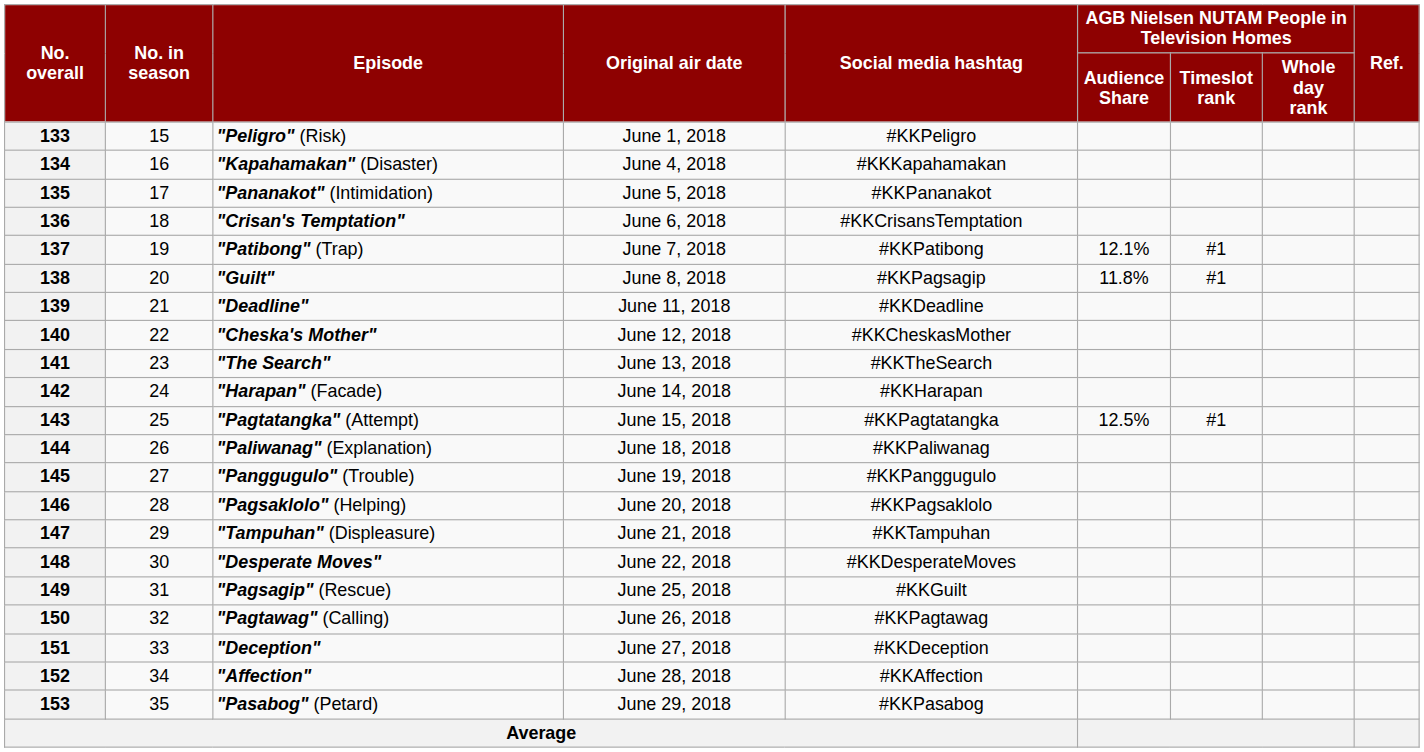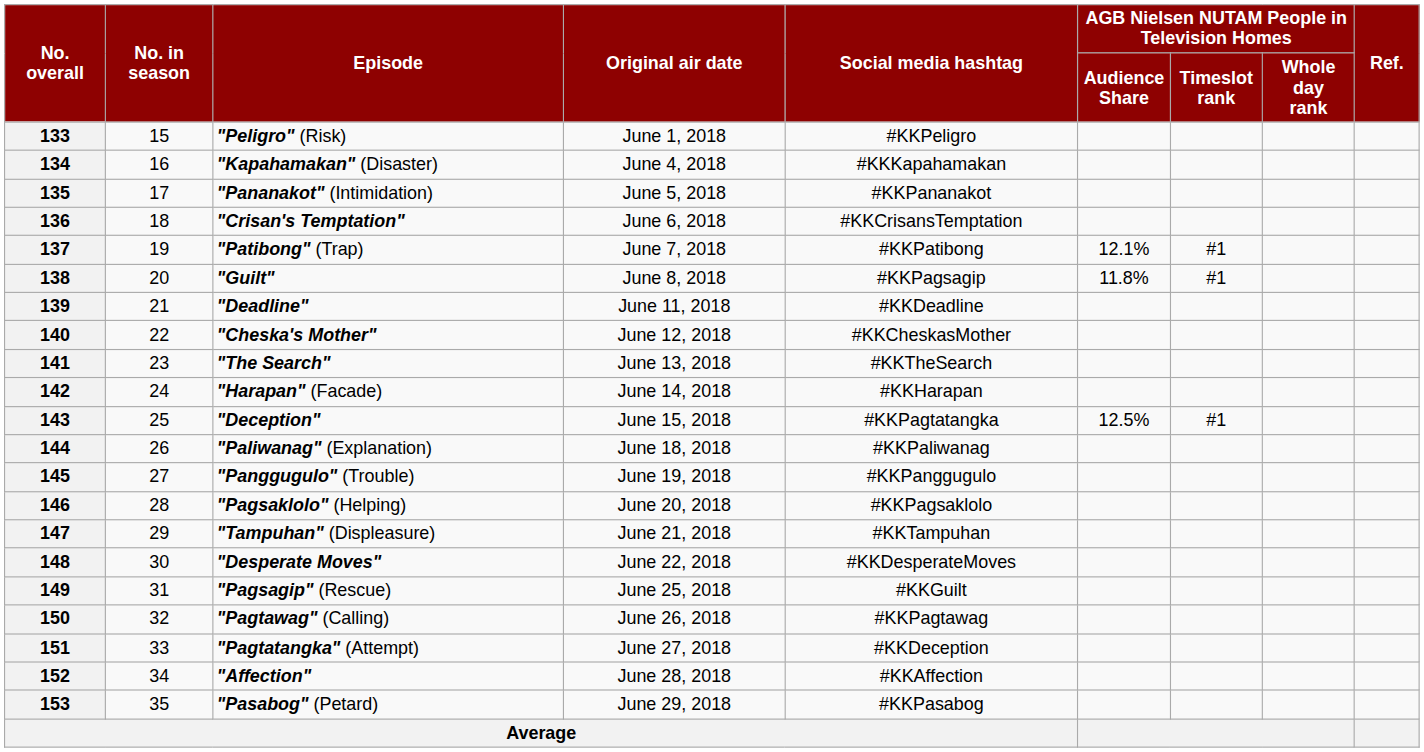 <table class="wikitable" style="text-align:center; font-size:100%; line-height:18px;" width="100%">
 <tr>
 <th style="background-color:#8e0101; color:#ffffff;" rowspan="2">No.<br>overall</th>
 <th style="background-color:#8e0101; color:#ffffff;" rowspan="2">No. in<br>season</th>
 <th style="background-color:#8e0101; color:#ffffff;" rowspan="2">Episode</th>
 <th style="background-color:#8e0101; color:white" rowspan="2">Original air date</th>
 <th style="background-color:#8e0101; color:white" rowspan="2">Social media hashtag</th>
 <th style="background-color:#8e0101; color:#ffffff;" colspan="3">AGB Nielsen NUTAM People in Television Homes</th>
 <th style="background-color:#8e0101; color:#ffffff;" rowspan="2">Ref.</th>
 </tr>
 <tr>
 <th style="background-color:#8e0101; width:75px; color:#ffffff;">Audience Share</th>
 <th style="background-color:#8e0101; width:75px; color:#ffffff;">Timeslot<br>rank</th>
 <th style="background-color:#8e0101; width:75px; color:#ffffff;">Whole day<br>rank</th>
 </tr>
 <tr>
 <th>133</th>
 <td>15</td>
 <td style="text-align: left;"><strong><em>"Peligro"</em></strong> (Risk)</td>
 <td>June 1, 2018</td>
 <td>#KKPeligro</td>
 <td></td>
 <td></td>
 <td></td>
 <td></td>
 </tr>
 <tr>
 <th>134</th>
 <td>16</td>
 <td style="text-align: left;"><strong><em>"Kapahamakan"</em></strong> (Disaster)</td>
 <td>June 4, 2018</td>
 <td>#KKKapahamakan</td>
 <td></td>
 <td></td>
 <td></td>
 <td></td>
 </tr>
 <tr>
 <th>135</th>
 <td>17</td>
 <td style="text-align: left;"><strong><em>"Pananakot"</em></strong> (Intimidation)</td>
 <td>June 5, 2018</td>
 <td>#KKPananakot</td>
 <td></td>
 <td></td>
 <td></td>
 <td></td>
 </tr>
 <tr>
 <th>136</th>
 <td>18</td>
 <td style="text-align: left;"><strong><em>"Crisan's Temptation"</em></strong></td>
 <td>June 6, 2018</td>
 <td>#KKCrisansTemptation</td>
 <td></td>
 <td></td>
 <td></td>
 <td></td>
 </tr>
 <tr>
 <th>137</th>
 <td>19</td>
 <td style="text-align: left;"><strong><em>"Patibong"</em></strong> (Trap)</td>
 <td>June 7, 2018</td>
 <td>#KKPatibong</td>
 <td>12.1%</td>
 <td>#1</td>
 <td></td>
 <td></td>
 </tr>
 <tr>
 <th>138</th>
 <td>20</td>
 <td style="text-align: left;"><strong><em>"Guilt"</em></strong></td>
 <td>June 8, 2018</td>
 <td>#KKPagsagip</td>
 <td>11.8%</td>
 <td>#1</td>
 <td></td>
 <td></td>
 </tr>
 <tr>
 <th>139</th>
 <td>21</td>
 <td style="text-align: left;"><strong><em>"Deadline"</em></strong></td>
 <td>June 11, 2018</td>
 <td>#KKDeadline</td>
 <td></td>
 <td></td>
 <td></td>
 <td></td>
 </tr>
 <tr>
 <th>140</th>
 <td>22</td>
 <td style="text-align: left;"><strong><em>"Cheska's Mother"</em></strong></td>
 <td>June 12, 2018</td>
 <td>#KKCheskasMother</td>
 <td></td>
 <td></td>
 <td></td>
 <td></td>
 </tr>
 <tr>
 <th>141</th>
 <td>23</td>
 <td style="text-align: left;"><strong><em>"The Search"</em></strong></td>
 <td>June 13, 2018</td>
 <td>#KKTheSearch</td>
 <td></td>
 <td></td>
 <td></td>
 <td></td>
 </tr>
 <tr>
 <th>142</th>
 <td>24</td>
 <td style="text-align: left;"><strong><em>"Harapan"</em></strong> (Facade)</td>
 <td>June 14, 2018</td>
 <td>#KKHarapan</td>
 <td></td>
 <td></td>
 <td></td>
 <td></td>
 </tr>
 <tr>
 <th>143</th>
 <td>25</td>
-<td style="text-align: left;"><strong><em>"Pagtatangka"</em></strong> (Attempt)</td>
+<td style="text-align: left;"><strong><em>"Deception"</em></strong></td>
 <td>June 15, 2018</td>
 <td>#KKPagtatangka</td>
 <td>12.5%</td>
 <td>#1</td>
 <td></td>
 <td></td>
 </tr>
 <tr>
 <th>144</th>
 <td>26</td>
 <td style="text-align: left;"><strong><em>"Paliwanag"</em></strong> (Explanation)</td>
 <td>June 18, 2018</td>
 <td>#KKPaliwanag</td>
 <td></td>
 <td></td>
 <td></td>
 <td></td>
 </tr>
 <tr>
 <th>145</th>
 <td>27</td>
 <td style="text-align: left;"><strong><em>"Panggugulo"</em></strong> (Trouble)</td>
 <td>June 19, 2018</td>
 <td>#KKPanggugulo</td>
 <td></td>
 <td></td>
 <td></td>
 <td></td>
 </tr>
 <tr>
 <th>146</th>
 <td>28</td>
 <td style="text-align: left;"><strong><em>"Pagsaklolo"</em></strong> (Helping)</td>
 <td>June 20, 2018</td>
 <td>#KKPagsaklolo</td>
 <td></td>
 <td></td>
 <td></td>
 <td></td>
 </tr>
 <tr>
 <th>147</th>
 <td>29</td>
 <td style="text-align: left;"><strong><em>"Tampuhan"</em></strong> (Displeasure)</td>
 <td>June 21, 2018</td>
 <td>#KKTampuhan</td>
 <td></td>
 <td></td>
 <td></td>
 <td></td>
 </tr>
 <tr>
 <th>148</th>
 <td>30</td>
 <td style="text-align: left;"><strong><em>"Desperate Moves"</em></strong></td>
 <td>June 22, 2018</td>
 <td>#KKDesperateMoves</td>
 <td></td>
 <td></td>
 <td></td>
 <td></td>
 </tr>
 <tr>
 <th>149</th>
 <td>31</td>
 <td style="text-align: left;"><strong><em>"Pagsagip"</em></strong> (Rescue)</td>
 <td>June 25, 2018</td>
 <td>#KKGuilt</td>
 <td></td>
 <td></td>
 <td></td>
 <td></td>
 </tr>
 <tr>
 <th>150</th>
 <td>32</td>
 <td style="text-align: left;"><strong><em>"Pagtawag"</em></strong> (Calling)</td>
 <td>June 26, 2018</td>
 <td>#KKPagtawag</td>
 <td></td>
 <td></td>
 <td></td>
 <td></td>
 </tr>
 <tr>
 <th>151</th>
 <td>33</td>
-<td style="text-align: left;"><strong><em>"Deception"</em></strong></td>
+<td style="text-align: left;"><strong><em>"Pagtatangka"</em></strong> (Attempt)</td>
 <td>June 27, 2018</td>
 <td>#KKDeception</td>
 <td></td>
 <td></td>
 <td></td>
 <td></td>
 </tr>
 <tr>
 <th>152</th>
 <td>34</td>
 <td style="text-align: left;"><strong><em>"Affection"</em></strong></td>
 <td>June 28, 2018</td>
 <td>#KKAffection</td>
 <td></td>
 <td></td>
 <td></td>
 <td></td>
 </tr>
 <tr>
 <th>153</th>
 <td>35</td>
 <td style="text-align: left;"><strong><em>"Pasabog"</em></strong> (Petard)</td>
 <td>June 29, 2018</td>
 <td>#KKPasabog</td>
 <td></td>
 <td></td>
 <td></td>
 <td></td>
 </tr>
 <tr>
 <th colspan="5">Average</th>
 <th colspan="3"></th>
 <th></th>
 </tr>
 </table>
